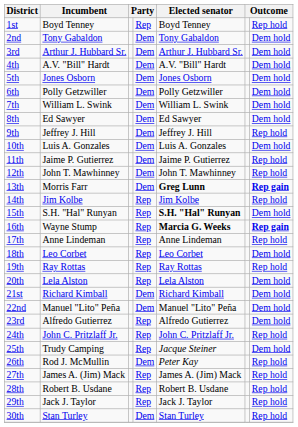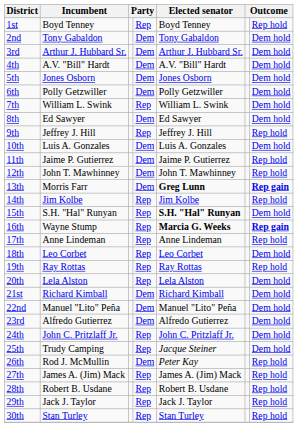 <table class="sortable wikitable" style="font-size:95%;line-height:14px;">
 <tr>
 <th>District</th>
 <th>Incumbent</th>
 <th colspan="2">Party</th>
 <th>Elected senator</th>
 <th colspan="2">Outcome</th>
 </tr>
 <tr>
 <td><a href='#'>1st</a></td>
 <td>Boyd Tenney</td>
 <td style="background:"></td>
 <td><a href='#'>Rep</a></td>
 <td>Boyd Tenney</td>
 <td style="background:"></td>
 <td><a href='#'>Rep hold</a></td>
 </tr>
 <tr>
 <td><a href='#'>2nd</a></td>
 <td><a href='#'>Tony Gabaldon</a></td>
 <td style="background:"></td>
 <td><a href='#'>Dem</a></td>
 <td><a href='#'>Tony Gabaldon</a></td>
 <td style="background:"></td>
 <td><a href='#'>Dem hold</a></td>
 </tr>
 <tr>
 <td><a href='#'>3rd</a></td>
 <td><a href='#'>Arthur J. Hubbard Sr.</a></td>
 <td style="background:"></td>
 <td><a href='#'>Dem</a></td>
 <td><a href='#'>Arthur J. Hubbard Sr.</a></td>
 <td style="background:"></td>
 <td><a href='#'>Dem hold</a></td>
 </tr>
 <tr>
 <td><a href='#'>4th</a></td>
 <td>A.V. "Bill" Hardt</td>
 <td style="background:"></td>
 <td><a href='#'>Dem</a></td>
 <td>A.V. "Bill" Hardt</td>
 <td style="background:"></td>
 <td><a href='#'>Dem hold</a></td>
 </tr>
 <tr>
 <td><a href='#'>5th</a></td>
 <td><a href='#'>Jones Osborn</a></td>
 <td style="background:"></td>
 <td><a href='#'>Dem</a></td>
 <td><a href='#'>Jones Osborn</a></td>
 <td style="background:"></td>
 <td><a href='#'>Dem hold</a></td>
 </tr>
 <tr>
 <td><a href='#'>6th</a></td>
 <td>Polly Getzwiller</td>
 <td style="background:"></td>
 <td><a href='#'>Dem</a></td>
 <td>Polly Getzwiller</td>
 <td style="background:"></td>
 <td><a href='#'>Dem hold</a></td>
 </tr>
 <tr>
 <td><a href='#'>7th</a></td>
 <td>William L. Swink</td>
 <td style="background:"></td>
-<td><a href='#'>Dem</a></td>
+<td><a href='#'>Rep</a></td>
 <td>William L. Swink</td>
 <td style="background:"></td>
 <td><a href='#'>Dem hold</a></td>
 </tr>
 <tr>
 <td><a href='#'>8th</a></td>
 <td>Ed Sawyer</td>
 <td style="background:"></td>
 <td><a href='#'>Dem</a></td>
 <td>Ed Sawyer</td>
 <td style="background:"></td>
 <td><a href='#'>Dem hold</a></td>
 </tr>
 <tr>
 <td><a href='#'>9th</a></td>
 <td>Jeffrey J. Hill</td>
 <td style="background:"></td>
-<td><a href='#'>Dem</a></td>
+<td><a href='#'>Rep</a></td>
 <td>Jeffrey J. Hill</td>
 <td style="background:"></td>
 <td><a href='#'>Rep hold</a></td>
 </tr>
 <tr>
 <td><a href='#'>10th</a></td>
 <td>Luis A. Gonzales</td>
 <td style="background:"></td>
 <td><a href='#'>Dem</a></td>
 <td>Luis A. Gonzales</td>
 <td style="background:"></td>
 <td><a href='#'>Dem hold</a></td>
 </tr>
 <tr>
 <td><a href='#'>11th</a></td>
 <td>Jaime P. Gutierrez</td>
 <td style="background:"></td>
 <td><a href='#'>Dem</a></td>
 <td>Jaime P. Gutierrez</td>
 <td style="background:"></td>
 <td><a href='#'>Rep hold</a></td>
 </tr>
 <tr>
 <td><a href='#'>12th</a></td>
 <td>John T. Mawhinney</td>
 <td style="background:"></td>
 <td><a href='#'>Dem</a></td>
 <td>John T. Mawhinney</td>
 <td style="background:"></td>
 <td><a href='#'>Rep hold</a></td>
 </tr>
 <tr>
 <td><a href='#'>13th</a></td>
 <td>Morris Farr</td>
 <td style="background:"></td>
 <td><a href='#'>Dem</a></td>
 <td><strong>Greg Lunn</strong></td>
 <td style="background:"></td>
 <td><strong><a href='#'>Rep gain</a></strong></td>
 </tr>
 <tr>
 <td><a href='#'>14th</a></td>
 <td><a href='#'>Jim Kolbe</a></td>
 <td style="background:"></td>
 <td><a href='#'>Rep</a></td>
 <td><a href='#'>Jim Kolbe</a></td>
 <td style="background:"></td>
 <td><a href='#'>Rep hold</a></td>
 </tr>
 <tr>
 <td><a href='#'>15th</a></td>
 <td>S.H. "Hal" Runyan</td>
 <td style="background:"></td>
 <td><a href='#'>Rep</a></td>
 <td><strong>S.H. "Hal" Runyan</strong></td>
 <td style="background:"></td>
 <td><a href='#'>Dem hold</a></td>
 </tr>
 <tr>
 <td><a href='#'>16th</a></td>
 <td>Wayne Stump</td>
 <td style="background:"></td>
 <td><a href='#'>Rep</a></td>
 <td><strong>Marcia G. Weeks</strong></td>
 <td style="background:"></td>
 <td><strong><a href='#'>Rep gain</a></strong></td>
 </tr>
 <tr>
 <td><a href='#'>17th</a></td>
 <td>Anne Lindeman</td>
 <td style="background:"></td>
 <td><a href='#'>Rep</a></td>
 <td>Anne Lindeman</td>
 <td style="background:"></td>
 <td><a href='#'>Rep hold</a></td>
 </tr>
 <tr>
 <td><a href='#'>18th</a></td>
 <td><a href='#'>Leo Corbet</a></td>
 <td style="background:"></td>
 <td><a href='#'>Rep</a></td>
 <td><a href='#'>Leo Corbet</a></td>
 <td style="background:"></td>
 <td><a href='#'>Dem hold</a></td>
 </tr>
 <tr>
 <td><a href='#'>19th</a></td>
 <td><a href='#'>Ray Rottas</a></td>
 <td style="background:"></td>
 <td><a href='#'>Rep</a></td>
 <td><a href='#'>Ray Rottas</a></td>
 <td style="background:"></td>
 <td><a href='#'>Rep hold</a></td>
 </tr>
 <tr>
 <td><a href='#'>20th</a></td>
 <td><a href='#'>Lela Alston</a></td>
 <td style="background:"></td>
 <td><a href='#'>Rep</a></td>
 <td><a href='#'>Lela Alston</a></td>
 <td style="background:"></td>
 <td><a href='#'>Dem hold</a></td>
 </tr>
 <tr>
 <td><a href='#'>21st</a></td>
 <td><a href='#'>Richard Kimball</a></td>
 <td style="background:"></td>
 <td><a href='#'>Dem</a></td>
 <td><a href='#'>Richard Kimball</a></td>
 <td style="background:"></td>
 <td><a href='#'>Dem hold</a></td>
 </tr>
 <tr>
 <td><a href='#'>22nd</a></td>
 <td>Manuel "Lito" Peña</td>
 <td style="background:"></td>
 <td><a href='#'>Dem</a></td>
 <td>Manuel "Lito" Peña</td>
 <td style="background:"></td>
 <td><a href='#'>Dem hold</a></td>
 </tr>
 <tr>
 <td><a href='#'>23rd</a></td>
 <td>Alfredo Gutierrez</td>
 <td style="background:"></td>
-<td><a href='#'>Rep</a></td>
+<td><a href='#'>Dem</a></td>
 <td>Alfredo Gutierrez</td>
 <td style="background:"></td>
 <td><a href='#'>Dem hold</a></td>
 </tr>
 <tr>
 <td><a href='#'>24th</a></td>
 <td><a href='#'>John C. Pritzlaff Jr.</a></td>
 <td style="background:"></td>
 <td><a href='#'>Rep</a></td>
 <td><a href='#'>John C. Pritzlaff Jr.</a></td>
 <td style="background:"></td>
-<td><a href='#'>Rep hold</a></td>
+<td><a href='#'>Dem hold</a></td>
 </tr>
 <tr>
 <td><a href='#'>25th</a></td>
 <td>Trudy Camping</td>
 <td style="background:"></td>
 <td><a href='#'>Rep</a></td>
 <td><em>Jacque Steiner</em></td>
 <td style="background:"></td>
 <td><a href='#'>Dem hold</a></td>
 </tr>
 <tr>
 <td><a href='#'>26th</a></td>
 <td>Rod J. McMullin</td>
 <td style="background:"></td>
 <td><a href='#'>Dem</a></td>
 <td><em>Peter Kay</em></td>
 <td style="background:"></td>
 <td><a href='#'>Rep hold</a></td>
 </tr>
 <tr>
 <td><a href='#'>27th</a></td>
 <td>James A. (Jim) Mack</td>
 <td style="background:"></td>
 <td><a href='#'>Rep</a></td>
 <td>James A. (Jim) Mack</td>
 <td style="background:"></td>
 <td><a href='#'>Rep hold</a></td>
 </tr>
 <tr>
 <td><a href='#'>28th</a></td>
 <td>Robert B. Usdane</td>
 <td style="background:"></td>
 <td><a href='#'>Rep</a></td>
 <td>Robert B. Usdane</td>
 <td style="background:"></td>
 <td><a href='#'>Rep hold</a></td>
 </tr>
 <tr>
 <td><a href='#'>29th</a></td>
 <td>Jack J. Taylor</td>
 <td style="background:"></td>
 <td><a href='#'>Rep</a></td>
 <td>Jack J. Taylor</td>
 <td style="background:"></td>
 <td><a href='#'>Rep hold</a></td>
 </tr>
 <tr>
 <td><a href='#'>30th</a></td>
 <td><a href='#'>Stan Turley</a></td>
 <td style="background:"></td>
-<td><a href='#'>Dem</a></td>
+<td><a href='#'>Rep</a></td>
 <td><a href='#'>Stan Turley</a></td>
 <td style="background:"></td>
 <td><a href='#'>Rep hold</a></td>
 </tr>
 <tr>
 </tr>
 </table>
